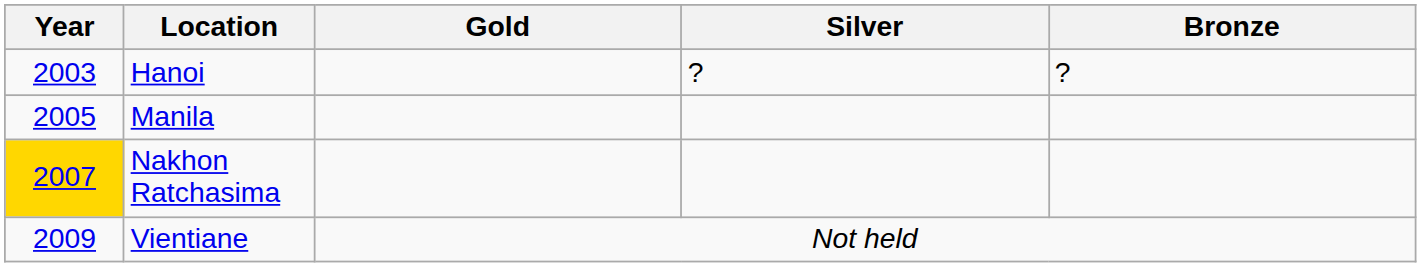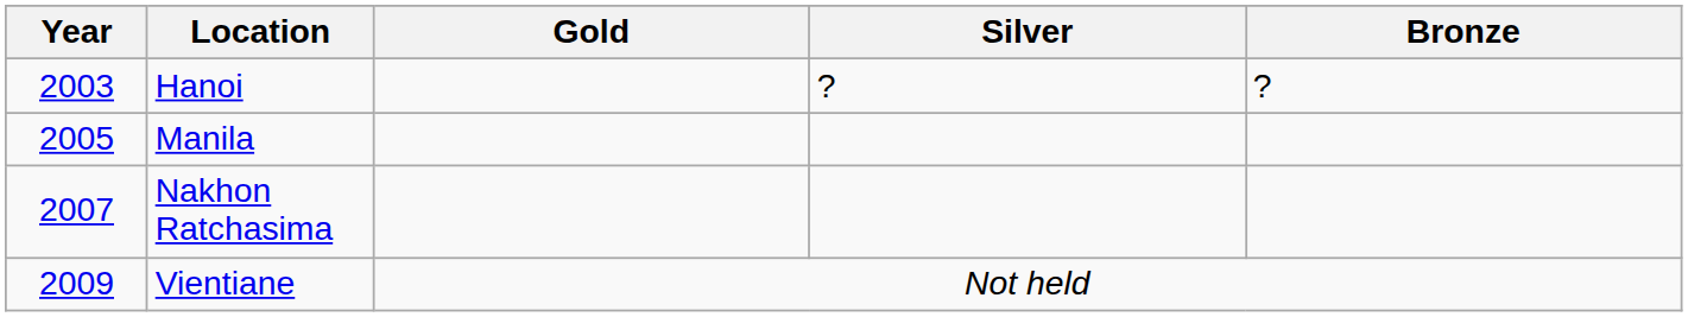 <table class="wikitable">
 <tr>
 <th width="60">Year</th>
 <th width="100">Location</th>
 <th width="200">Gold</th>
 <th width="200">Silver</th>
 <th width="200">Bronze</th>
 </tr>
 <tr>
 <td align="center"><a href='#'>2003</a></td>
 <td><a href='#'>Hanoi</a></td>
 <td></td>
 <td>?</td>
 <td>?</td>
 </tr>
 <tr>
 <td align="center"><a href='#'>2005</a></td>
 <td><a href='#'>Manila</a></td>
 <td></td>
 <td></td>
 <td></td>
 </tr>
 <tr>
-<td align="center" style="background: gold;"><a href='#'>2007</a></td>
+<td align="center"><a href='#'>2007</a></td>
 <td><a href='#'>Nakhon Ratchasima</a></td>
 <td></td>
 <td></td>
 <td></td>
 </tr>
 <tr>
 <td align="center"><a href='#'>2009</a></td>
 <td><a href='#'>Vientiane</a></td>
 <td colspan=3 align=center><em>Not held</em></td>
 </tr>
 </table>
